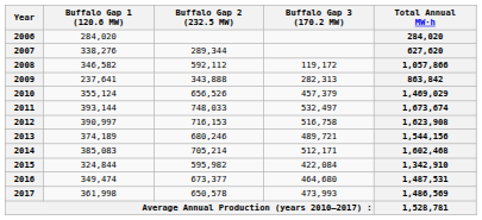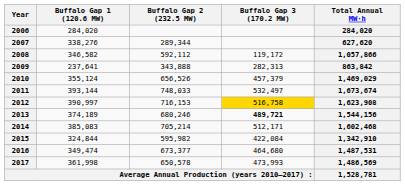 <table class=wikitable style="text-align:center; font-size:0.9em; width:650px;">
 <tr>
 <th>Year</th>
 <th>Buffalo Gap 1<br>(120.6 MW) </th>
 <th>Buffalo Gap 2<br>(232.5 MW) </th>
 <th>Buffalo Gap 3<br>(170.2 MW) </th>
 <th>Total Annual<br><a href='#'>MW·h</a></th>
 </tr>
 <tr>
 <th>2006</th>
 <td>284,020</td>
 <td></td>
 <td></td>
 <th>284,020</th>
 </tr>
 <tr>
 <th>2007</th>
 <td>338,276</td>
 <td>289,344</td>
 <td></td>
 <th>627,620</th>
 </tr>
 <tr>
 <th>2008</th>
 <td>346,582</td>
 <td>592,112</td>
 <td>119,172</td>
 <th>1,057,866</th>
 </tr>
 <tr>
 <th>2009</th>
 <td>237,641</td>
 <td>343,888</td>
 <td>282,313</td>
 <th>863,842</th>
 </tr>
 <tr>
 <th>2010</th>
 <td>355,124</td>
 <td>656,526</td>
 <td>457,379</td>
 <th>1,469,029</th>
 </tr>
 <tr>
 <th>2011</th>
 <td>393,144</td>
 <td>748,033</td>
 <td>532,497</td>
 <th>1,673,674</th>
 </tr>
 <tr>
 <th>2012</th>
 <td>390,997</td>
 <td>716,153</td>
-<td>516,758</td>
+<td style="background: gold;">516,758</td>
 <th>1,623,908</th>
 </tr>
 <tr>
 <th>2013</th>
 <td>374,189</td>
 <td>680,246</td>
-<td>489,721</td>
+<td><strong>489,721</strong></td>
 <th>1,544,156</th>
 </tr>
 <tr>
 <th>2014</th>
 <td>385,083</td>
 <td>705,214</td>
 <td>512,171</td>
 <th>1,602,468</th>
 </tr>
 <tr>
 <th>2015</th>
 <td>324,844</td>
 <td>595,982</td>
 <td>422,084</td>
 <th>1,342,910</th>
 </tr>
 <tr>
 <th>2016</th>
 <td>349,474</td>
 <td>673,377</td>
 <td>464,680</td>
 <th>1,487,531</th>
 </tr>
 <tr>
 <th>2017</th>
 <td>361,998</td>
 <td>650,578</td>
 <td>473,993</td>
 <th>1,486,569</th>
 </tr>
 <tr>
 <th colspan=4 style="text-align: right;">Average Annual Production (years 2010–2017) :</th>
 <th>1,528,781</th>
 </tr>
 </table>
